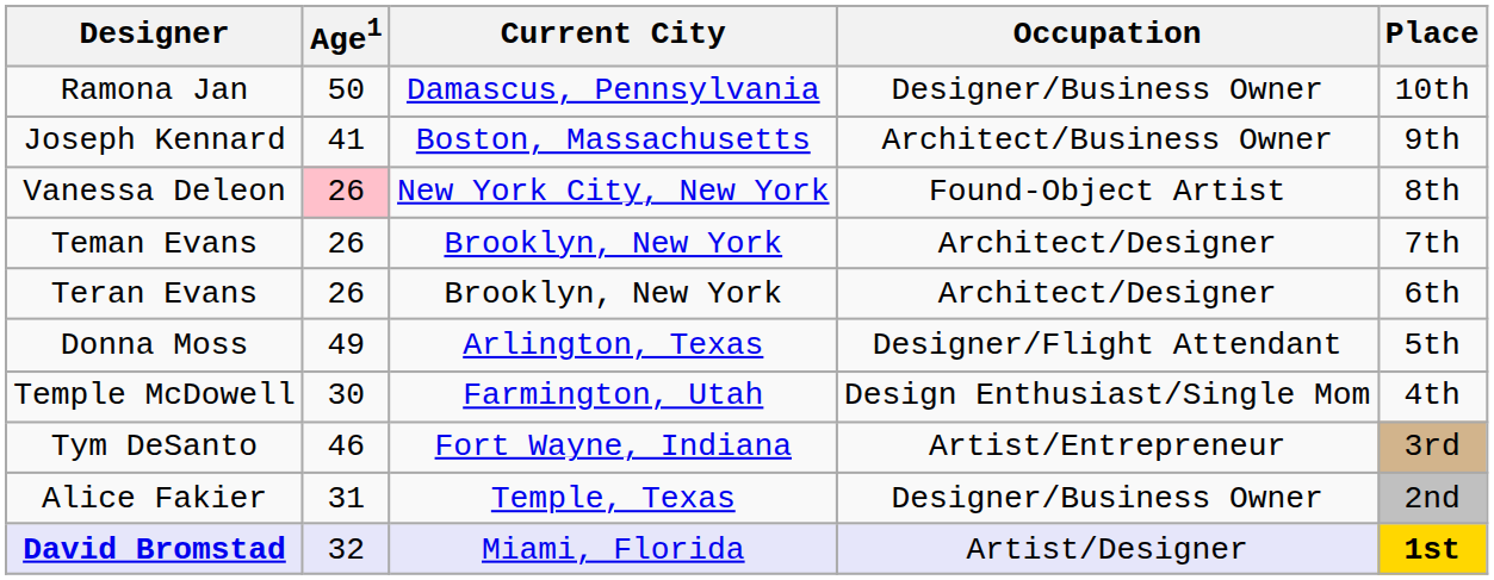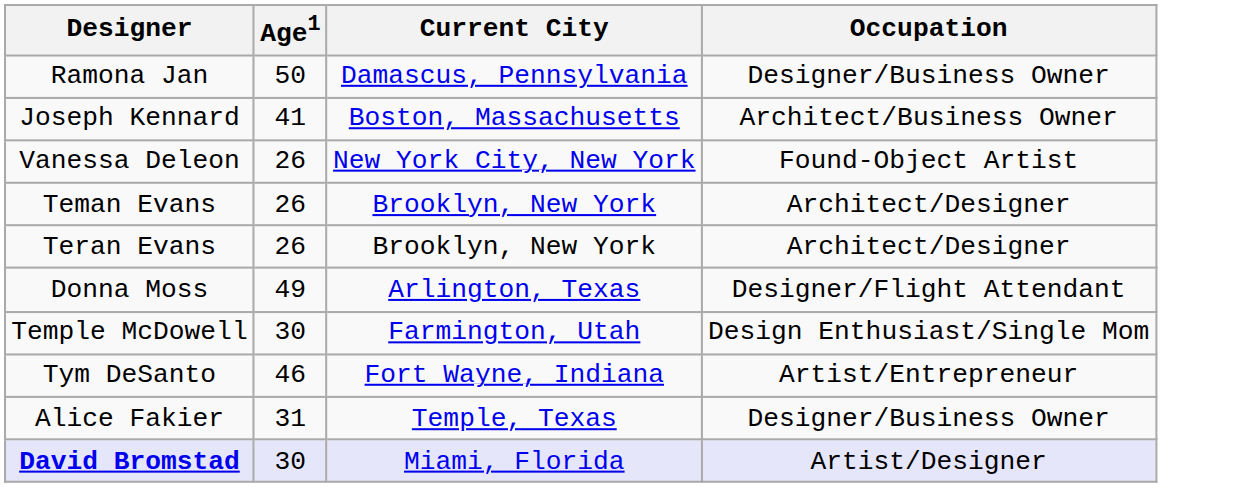 <table class="wikitable sortable" style="text-align:center">
 <tr>
 <th>Designer</th>
 <th>Age<sup>1</sup></th>
 <th>Current City</th>
 <th>Occupation</th>
-<th>Place</th>
 </tr>
 <tr>
 <td>Ramona Jan</td>
 <td>50</td>
 <td><a href='#'>Damascus, Pennsylvania</a></td>
 <td>Designer/Business Owner</td>
-<td>10th</td>
 </tr>
 <tr>
 <td>Joseph Kennard</td>
 <td>41</td>
 <td><a href='#'>Boston, Massachusetts</a></td>
 <td>Architect/Business Owner</td>
-<td>9th</td>
 </tr>
 <tr>
 <td>Vanessa Deleon</td>
-<td style="background: pink;">26</td>
+<td>26</td>
 <td><a href='#'>New York City, New York</a></td>
 <td>Found-Object Artist</td>
-<td>8th</td>
 </tr>
 <tr>
 <td>Teman Evans</td>
 <td>26</td>
 <td><a href='#'>Brooklyn, New York</a></td>
 <td>Architect/Designer</td>
-<td>7th</td>
 </tr>
 <tr>
 <td>Teran Evans</td>
 <td>26</td>
 <td>Brooklyn, New York</td>
 <td>Architect/Designer</td>
-<td>6th</td>
 </tr>
 <tr>
 <td>Donna Moss</td>
 <td>49</td>
 <td><a href='#'>Arlington, Texas</a></td>
 <td>Designer/Flight Attendant</td>
-<td>5th</td>
 </tr>
 <tr>
 <td>Temple McDowell</td>
 <td>30</td>
 <td><a href='#'>Farmington, Utah</a></td>
 <td>Design Enthusiast/Single Mom</td>
-<td>4th</td>
 </tr>
 <tr>
 <td>Tym DeSanto</td>
 <td>46</td>
 <td><a href='#'>Fort Wayne, Indiana</a></td>
 <td>Artist/Entrepreneur</td>
-<td bgcolor="tan">3rd</td>
 </tr>
 <tr>
 <td>Alice Fakier</td>
 <td>31</td>
 <td><a href='#'>Temple, Texas</a></td>
 <td>Designer/Business Owner</td>
-<td bgcolor="silver">2nd</td>
 </tr>
 <tr>
 <td bgcolor="lavender"><strong><a href='#'>David Bromstad</a></strong></td>
-<td bgcolor="lavender">32</td>
+<td bgcolor="lavender">30</td>
 <td bgcolor="lavender"><a href='#'>Miami, Florida</a></td>
 <td bgcolor="lavender">Artist/Designer</td>
-<td bgcolor="gold"><strong>1st</strong></td>
 </tr>
 </table>
